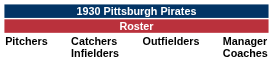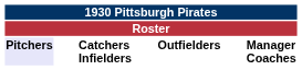 <table class="toccolours" style="font-size: 95%;">
 <tr>
 <th colspan="10" style="background-color: #023465; color: white; text-align: center;">1930 Pittsburgh Pirates</th>
 </tr>
 <tr>
 <td colspan="10" style="background-color: #ba313c; color: white; text-align: center;"><strong>Roster</strong></td>
 </tr>
 <tr>
-<td valign="top"><strong>Pitchers</strong><br>              </td>
+<td valign="top" style="background: lavender;"><strong>Pitchers</strong><br>              </td>
 <td width="25px"></td>
 <td valign="top"><strong>Catchers</strong><br>   <strong>Infielders</strong>        </td>
 <td width="25px"></td>
 <td valign="top"><strong>Outfielders</strong><br>       </td>
 <td width="25px"></td>
 <td valign="top"><strong>Manager</strong><br> <strong>Coaches</strong>  </td>
 </tr>
 </table>
